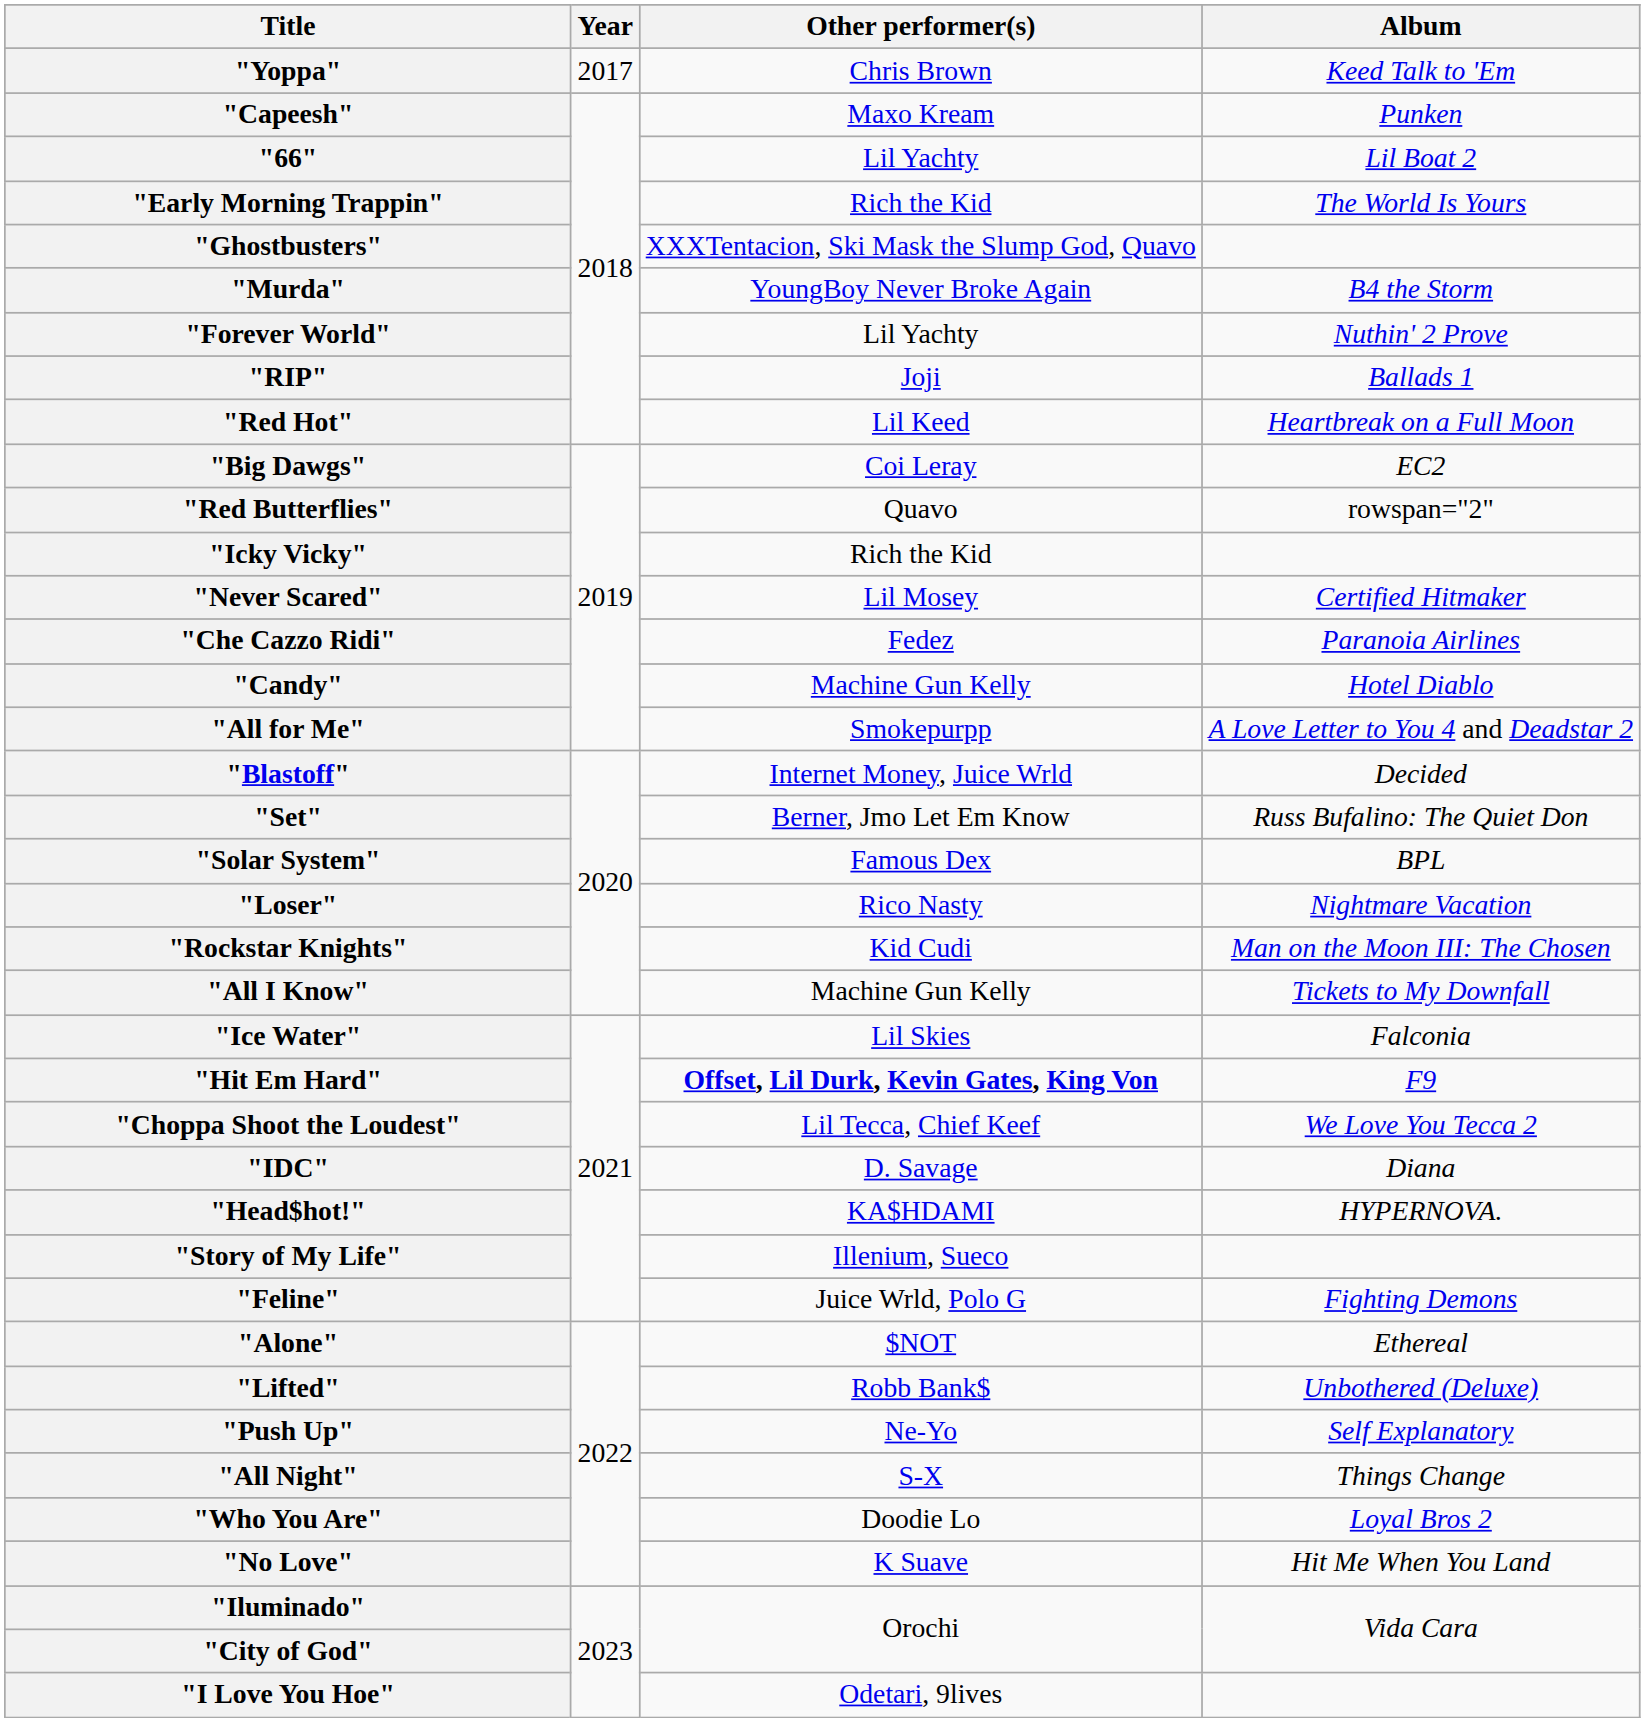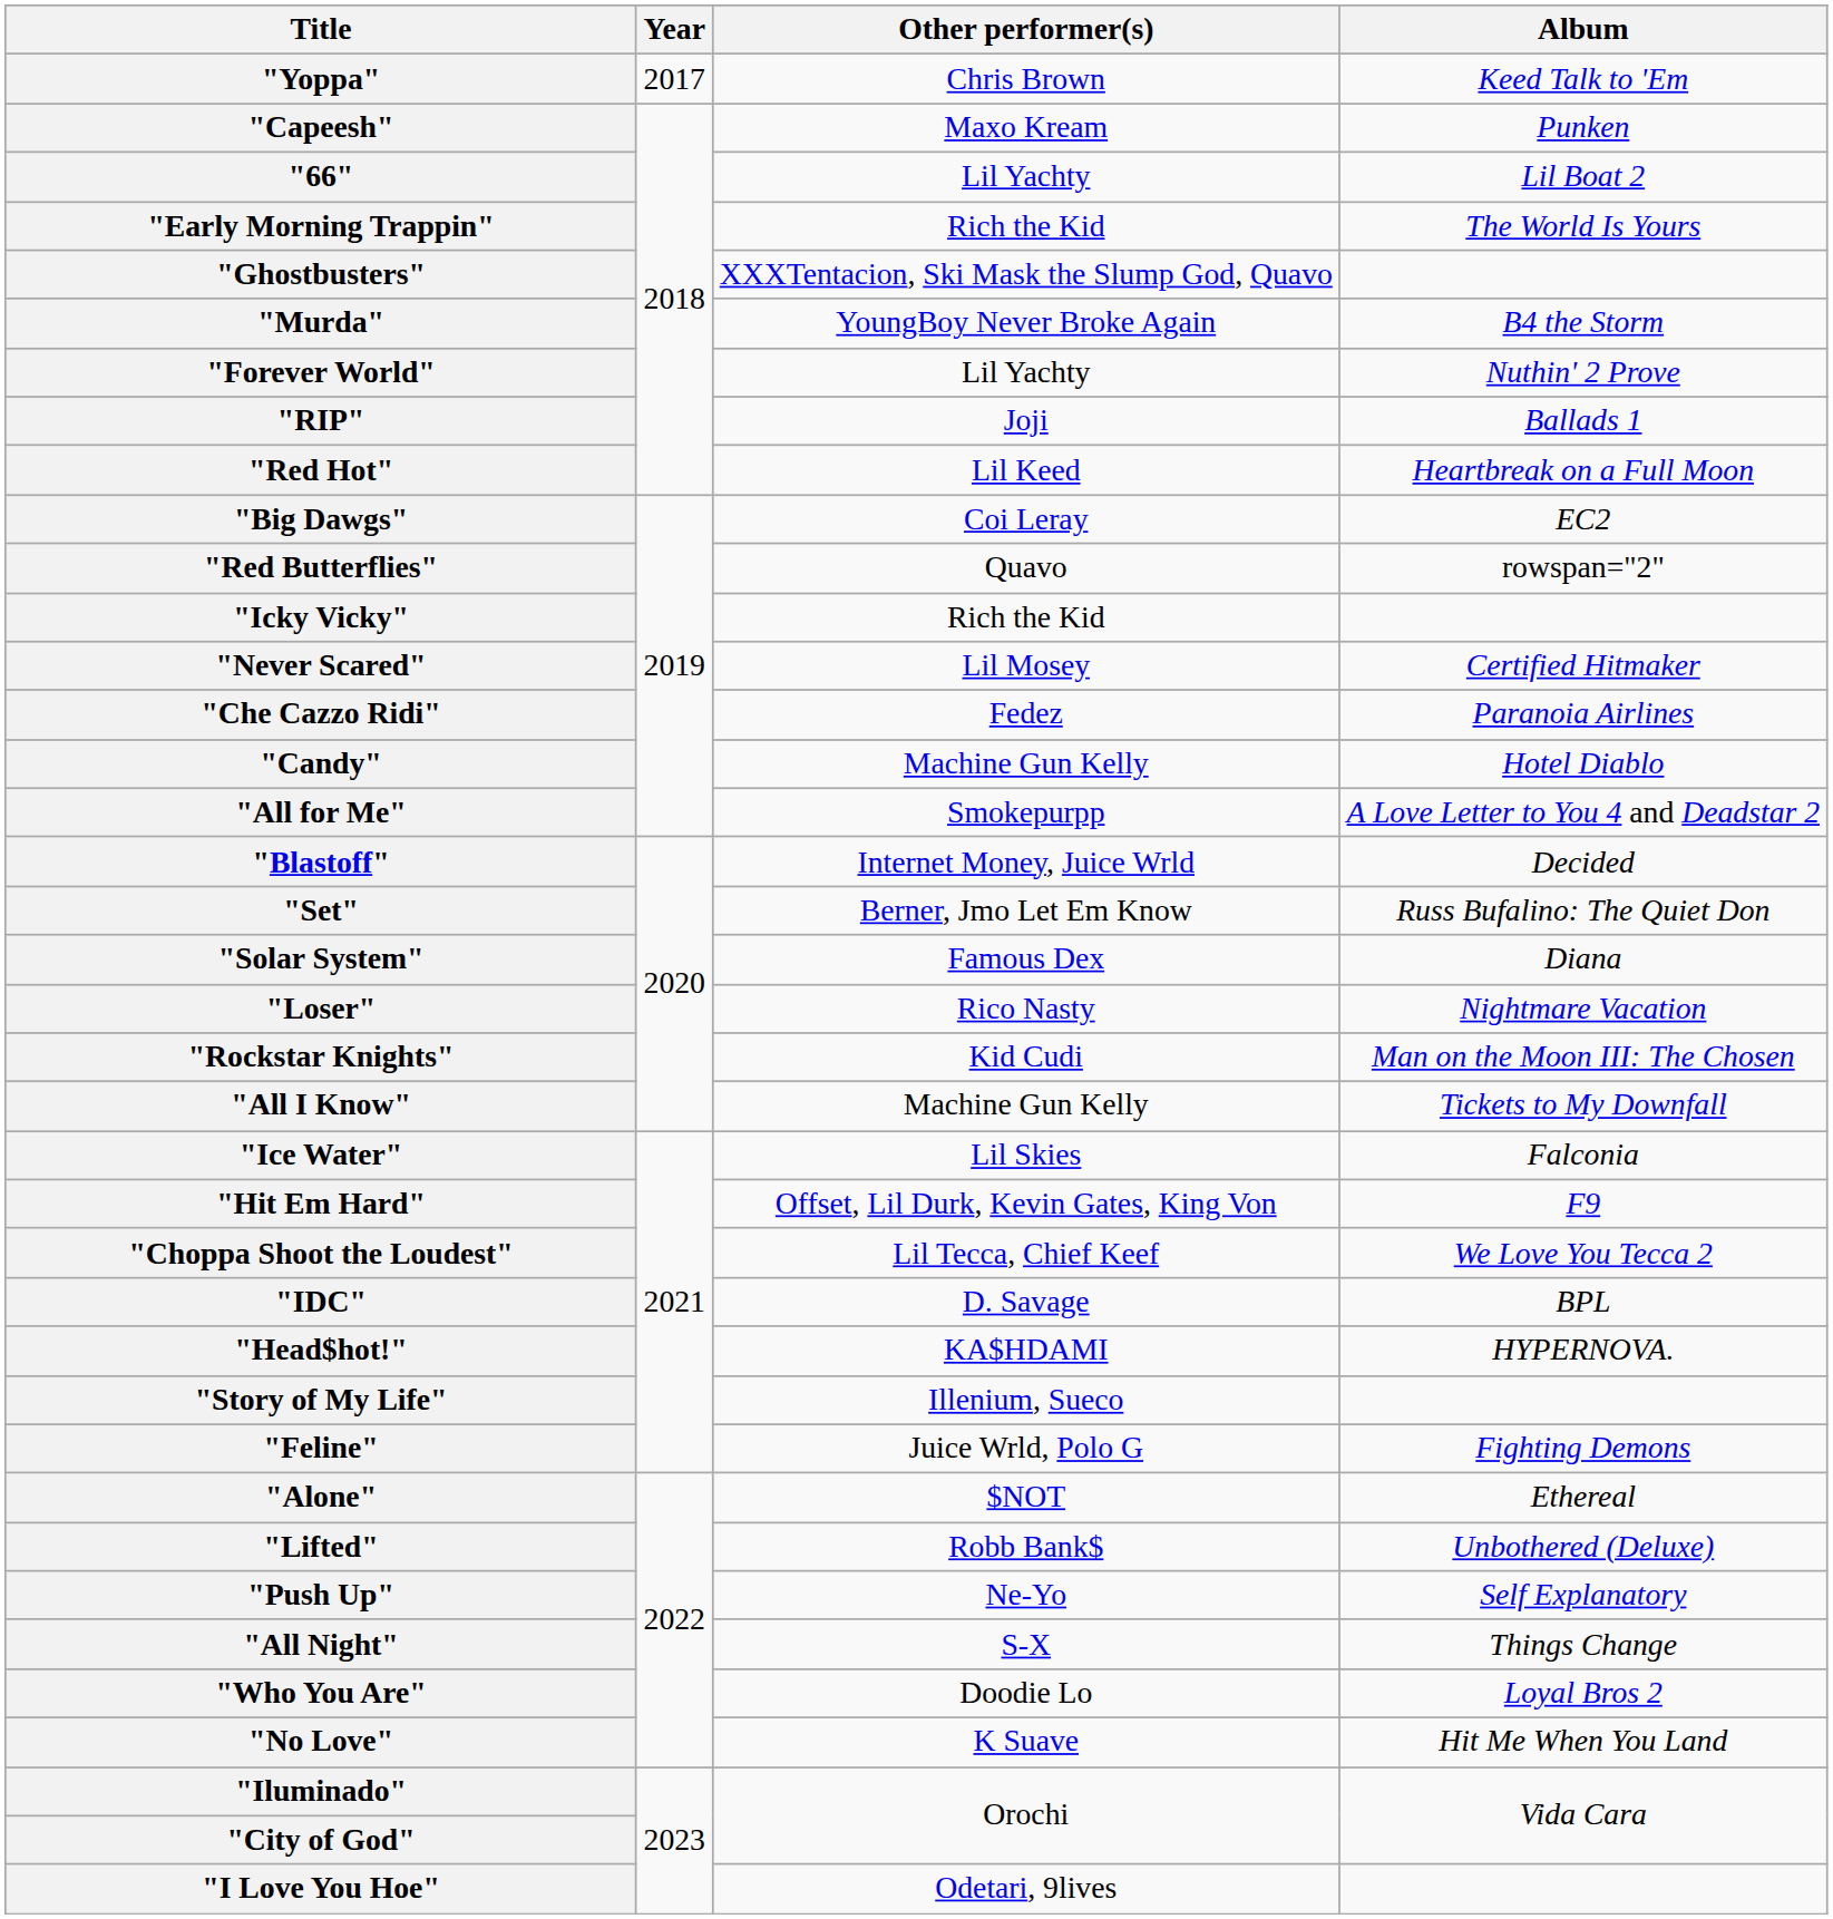 <table class="wikitable plainrowheaders" style="text-align:center;">
 <tr>
 <th scope="col" style="width:20em;">Title</th>
 <th scope="col">Year</th>
 <th scope="col">Other performer(s)</th>
 <th scope="col">Album</th>
 </tr>
 <tr>
 <th scope="row">"Yoppa"</th>
 <td>2017</td>
 <td><a href='#'>Chris Brown</a></td>
 <td><em><a href='#'>Keed Talk to 'Em</a></em></td>
 </tr>
 <tr>
 <th scope="row">"Capeesh"</th>
 <td rowspan="8">2018</td>
 <td><a href='#'>Maxo Kream</a></td>
 <td><em><a href='#'>Punken</a></em></td>
 </tr>
 <tr>
 <th scope="row">"66"</th>
 <td><a href='#'>Lil Yachty</a></td>
 <td><em><a href='#'>Lil Boat 2</a></em></td>
 </tr>
 <tr>
 <th scope="row">"Early Morning Trappin"</th>
 <td><a href='#'>Rich the Kid</a></td>
 <td><em><a href='#'>The World Is Yours</a></em></td>
 </tr>
 <tr>
 <th scope="row">"Ghostbusters"</th>
 <td><a href='#'>XXXTentacion</a>, <a href='#'>Ski Mask the Slump God</a>, <a href='#'>Quavo</a></td>
 <td></td>
 </tr>
 <tr>
 <th scope="row">"Murda"</th>
 <td><a href='#'>YoungBoy Never Broke Again</a></td>
 <td><em><a href='#'>B4 the Storm</a></em></td>
 </tr>
 <tr>
 <th scope="row">"Forever World"</th>
 <td>Lil Yachty</td>
 <td><em><a href='#'>Nuthin' 2 Prove</a></em></td>
 </tr>
 <tr>
 <th scope="row">"RIP"</th>
 <td><a href='#'>Joji</a></td>
 <td><em><a href='#'>Ballads 1</a></em></td>
 </tr>
 <tr>
 <th scope="row">"Red Hot"</th>
 <td><a href='#'>Lil Keed</a></td>
 <td><em><a href='#'>Heartbreak on a Full Moon</a></em></td>
 </tr>
 <tr>
 <th scope="row">"Big Dawgs"</th>
 <td rowspan="7">2019</td>
 <td><a href='#'>Coi Leray</a></td>
 <td><em>EC2</em></td>
 </tr>
 <tr>
 <th scope="row">"Red Butterflies"</th>
 <td>Quavo</td>
 <td>rowspan="2" </td>
 </tr>
 <tr>
 <th scope="row">"Icky Vicky"</th>
 <td>Rich the Kid</td>
 </tr>
 <tr>
 <th scope="row">"Never Scared"</th>
 <td><a href='#'>Lil Mosey</a></td>
 <td><em><a href='#'>Certified Hitmaker</a></em></td>
 </tr>
 <tr>
 <th scope="row">"Che Cazzo Ridi"</th>
 <td><a href='#'>Fedez</a></td>
 <td><em><a href='#'>Paranoia Airlines</a></em></td>
 </tr>
 <tr>
 <th scope="row">"Candy"</th>
 <td><a href='#'>Machine Gun Kelly</a></td>
 <td><em><a href='#'>Hotel Diablo</a></em></td>
 </tr>
 <tr>
 <th scope="row">"All for Me"</th>
 <td><a href='#'>Smokepurpp</a></td>
 <td><em><a href='#'>A Love Letter to You 4</a></em> and <em><a href='#'>Deadstar 2</a></em></td>
 </tr>
 <tr>
 <th scope="row">"<a href='#'>Blastoff</a>"</th>
 <td rowspan="6">2020</td>
 <td><a href='#'>Internet Money</a>, <a href='#'>Juice Wrld</a></td>
 <td><em>Decided</em></td>
 </tr>
 <tr>
 <th scope="row">"Set"</th>
 <td><a href='#'>Berner</a>, Jmo Let Em Know</td>
 <td><em>Russ Bufalino: The Quiet Don</em></td>
 </tr>
 <tr>
 <th scope="row">"Solar System"</th>
 <td><a href='#'>Famous Dex</a></td>
-<td><em>BPL</em></td>
+<td><em>Diana</em></td>
 </tr>
 <tr>
 <th scope="row">"Loser"</th>
 <td><a href='#'>Rico Nasty</a></td>
 <td><em><a href='#'>Nightmare Vacation</a></em></td>
 </tr>
 <tr>
 <th scope="row">"Rockstar Knights"</th>
 <td><a href='#'>Kid Cudi</a></td>
 <td><em><a href='#'>Man on the Moon III: The Chosen</a></em></td>
 </tr>
 <tr>
 <th scope="row">"All I Know"</th>
 <td>Machine Gun Kelly</td>
 <td><em><a href='#'>Tickets to My Downfall</a></em></td>
 </tr>
 <tr>
 <th scope="row">"Ice Water"</th>
 <td rowspan="7">2021</td>
 <td><a href='#'>Lil Skies</a></td>
 <td><em>Falconia</em></td>
 </tr>
 <tr>
 <th scope="row">"Hit Em Hard"</th>
-<td><strong><a href='#'>Offset</a>, <a href='#'>Lil Durk</a>, <a href='#'>Kevin Gates</a>, <a href='#'>King Von</a></strong></td>
+<td><a href='#'>Offset</a>, <a href='#'>Lil Durk</a>, <a href='#'>Kevin Gates</a>, <a href='#'>King Von</a></td>
 <td><em><a href='#'>F9</a></em></td>
 </tr>
 <tr>
 <th scope="row">"Choppa Shoot the Loudest"</th>
 <td><a href='#'>Lil Tecca</a>, <a href='#'>Chief Keef</a></td>
 <td><em><a href='#'>We Love You Tecca 2</a></em></td>
 </tr>
 <tr>
 <th scope="row">"IDC"</th>
 <td><a href='#'>D. Savage</a></td>
-<td><em>Diana</em></td>
+<td><em>BPL</em></td>
 </tr>
 <tr>
 <th scope="row">"Head$hot!"</th>
 <td><a href='#'>KA$HDAMI</a></td>
 <td><em>HYPERNOVA.</em></td>
 </tr>
 <tr>
 <th scope="row">"Story of My Life"</th>
 <td><a href='#'>Illenium</a>, <a href='#'>Sueco</a></td>
 <td></td>
 </tr>
 <tr>
 <th scope="row">"Feline"</th>
 <td>Juice Wrld, <a href='#'>Polo G</a></td>
 <td><em><a href='#'>Fighting Demons</a></em></td>
 </tr>
 <tr>
 <th scope="row">"Alone"</th>
 <td rowspan="6">2022</td>
 <td><a href='#'>$NOT</a></td>
 <td><em>Ethereal</em></td>
 </tr>
 <tr>
 <th scope="row">"Lifted"</th>
 <td><a href='#'>Robb Bank$</a></td>
 <td><em><a href='#'>Unbothered (Deluxe)</a></em></td>
 </tr>
 <tr>
 <th scope="row">"Push Up"</th>
 <td><a href='#'>Ne-Yo</a></td>
 <td><em><a href='#'>Self Explanatory</a></em></td>
 </tr>
 <tr>
 <th scope="row">"All Night"</th>
 <td><a href='#'>S-X</a></td>
 <td><em>Things Change</em></td>
 </tr>
 <tr>
 <th scope="row">"Who You Are"</th>
 <td>Doodie Lo</td>
 <td><em><a href='#'>Loyal Bros 2</a></em></td>
 </tr>
 <tr>
 <th scope="row">"No Love"</th>
 <td><a href='#'>K Suave</a></td>
 <td><em>Hit Me When You Land</em></td>
 </tr>
 <tr>
 <th scope="row">"Iluminado"</th>
 <td rowspan="3">2023</td>
 <td rowspan="2">Orochi</td>
 <td rowspan="2"><em>Vida Cara</em></td>
 </tr>
 <tr>
 <th scope="row">"City of God"</th>
 </tr>
 <tr>
 <th scope="row">"I Love You Hoe"</th>
 <td><a href='#'>Odetari</a>, 9lives</td>
 <td></td>
 </tr>
 </table>
